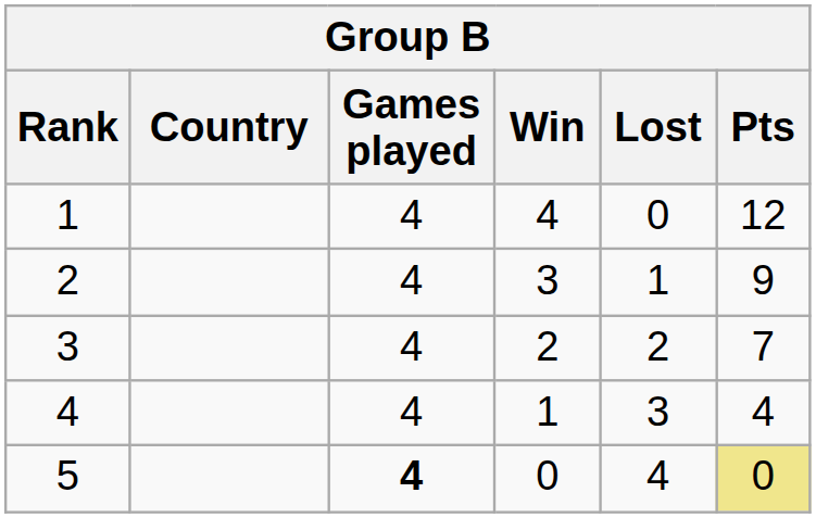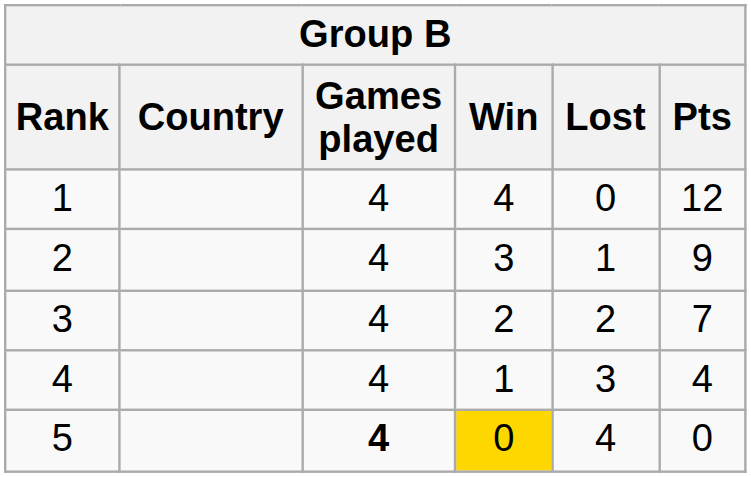 <table class="wikitable" style= "text-align: center; Width:50%">
 <tr>
 <th colspan= 6>Group B</th>
 </tr>
 <tr>
 <th width=2%>Rank</th>
 <th width=10%>Country</th>
 <th width=5%>Games <br> played</th>
 <th width=5%>Win</th>
 <th width=5%>Lost</th>
 <th width=5%>Pts</th>
 </tr>
 <tr>
 <td>1</td>
 <td style= "text-align: left"></td>
 <td>4</td>
 <td>4</td>
 <td>0</td>
 <td>12</td>
 </tr>
 <tr>
 <td>2</td>
 <td style= "text-align: left"></td>
 <td>4</td>
 <td>3</td>
 <td>1</td>
 <td>9</td>
 </tr>
 <tr>
 <td>3</td>
 <td style= "text-align: left"></td>
 <td>4</td>
 <td>2</td>
 <td>2</td>
 <td>7</td>
 </tr>
 <tr>
 <td>4</td>
 <td style= "text-align: left"></td>
 <td>4</td>
 <td>1</td>
 <td>3</td>
 <td>4</td>
 </tr>
 <tr>
 <td>5</td>
 <td style= "text-align: left"></td>
 <td><strong>4</strong></td>
+<td style="background: gold;">0</td>
+<td>4</td>
 <td>0</td>
-<td>4</td>
-<td style="background: khaki;">0</td>
 </tr>
 </table>
